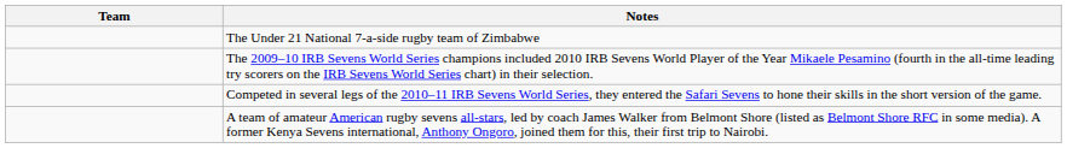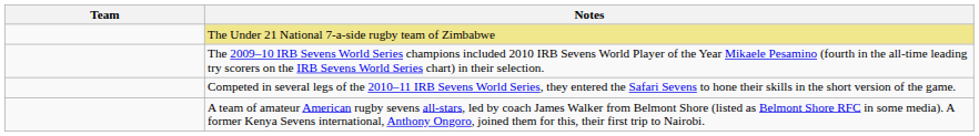 <table class="wikitable">
 <tr>
 <th scope="col" style="width:250px;">Team</th>
 <th>Notes</th>
 </tr>
 <tr>
 <td><strong></strong></td>
-<td>The Under 21 National 7-a-side rugby team of Zimbabwe</td>
+<td style="background: khaki;">The Under 21 National 7-a-side rugby team of Zimbabwe</td>
 </tr>
 <tr>
 <td><strong></strong></td>
 <td>The <a href='#'>2009–10 IRB Sevens World Series</a> champions included 2010 IRB Sevens World Player of the Year <a href='#'>Mikaele Pesamino</a> (fourth in the all-time leading try scorers on the <a href='#'>IRB Sevens World Series</a> chart) in their selection.</td>
 </tr>
 <tr>
 <td><strong></strong></td>
 <td>Competed in several legs of the <a href='#'>2010–11 IRB Sevens World Series</a>, they entered the <a href='#'>Safari Sevens</a> to hone their skills in the short version of the game.</td>
 </tr>
 <tr>
 <td><strong></strong></td>
 <td>A team of amateur <a href='#'>American</a> rugby sevens <a href='#'>all-stars</a>, led by coach James Walker from Belmont Shore (listed as <a href='#'>Belmont Shore RFC</a> in some media).  A former Kenya Sevens international, <a href='#'>Anthony Ongoro</a>, joined them for this, their first trip to Nairobi.</td>
 </tr>
 </table>
